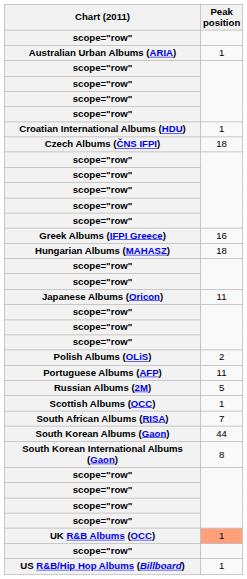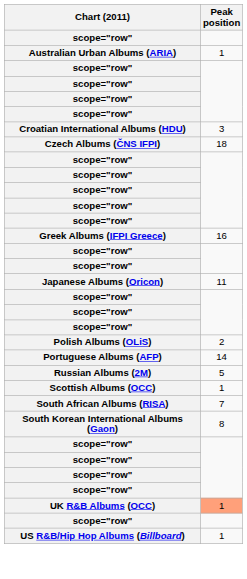 <table class="wikitable plainrowheaders sortable" style="text-align:center;">
 <tr>
 <th scope="col" style="width:20em;">Chart (2011)</th>
 <th scope="col">Peak<br>position</th>
 </tr>
 <tr>
 <th>scope="row" </th>
 </tr>
 <tr>
 <th scope="row">Australian Urban Albums (<a href='#'>ARIA</a>)</th>
 <td>1</td>
 </tr>
 <tr>
 <th>scope="row" </th>
 </tr>
 <tr>
 <th>scope="row" </th>
 </tr>
 <tr>
 <th>scope="row" </th>
 </tr>
 <tr>
 <th>scope="row" </th>
 </tr>
 <tr>
 <th scope="row">Croatian International Albums (<a href='#'>HDU</a>)</th>
-<td>1</td>
+<td>3</td>
 </tr>
 <tr>
 <th scope="row">Czech Albums (<a href='#'>ČNS IFPI</a>)</th>
 <td>18</td>
 </tr>
 <tr>
 <th>scope="row" </th>
 </tr>
 <tr>
 <th>scope="row" </th>
 </tr>
 <tr>
 <th>scope="row" </th>
 </tr>
 <tr>
 <th>scope="row" </th>
 </tr>
 <tr>
 <th>scope="row" </th>
 </tr>
 <tr>
 <th scope="row">Greek Albums (<a href='#'>IFPI Greece</a>)</th>
 <td>16</td>
-</tr>
-<tr>
-<th scope="row">Hungarian Albums (<a href='#'>MAHASZ</a>)</th>
-<td>18</td>
 </tr>
 <tr>
 <th>scope="row" </th>
 </tr>
 <tr>
 <th>scope="row" </th>
 </tr>
 <tr>
 <th scope="row">Japanese Albums (<a href='#'>Oricon</a>)</th>
 <td>11</td>
 </tr>
 <tr>
 <th>scope="row" </th>
 </tr>
 <tr>
 <th>scope="row" </th>
 </tr>
 <tr>
 <th>scope="row" </th>
 </tr>
 <tr>
 <th scope="row">Polish Albums (<a href='#'>OLiS</a>)</th>
 <td>2</td>
 </tr>
 <tr>
 <th scope="row">Portuguese Albums (<a href='#'>AFP</a>)</th>
-<td>11</td>
+<td>14</td>
 </tr>
 <tr>
 <th scope="row">Russian Albums (<a href='#'>2M</a>)</th>
 <td>5</td>
 </tr>
 <tr>
 <th scope="row">Scottish Albums (<a href='#'>OCC</a>)</th>
 <td>1</td>
 </tr>
 <tr>
 <th scope="row">South African Albums (<a href='#'>RISA</a>)</th>
 <td>7</td>
-</tr>
-<tr>
-<th scope="row">South Korean Albums (<a href='#'>Gaon</a>)</th>
-<td>44</td>
 </tr>
 <tr>
 <th scope="row">South Korean International Albums (<a href='#'>Gaon</a>)</th>
 <td>8</td>
 </tr>
 <tr>
 <th>scope="row" </th>
 </tr>
 <tr>
 <th>scope="row" </th>
 </tr>
 <tr>
 <th>scope="row" </th>
 </tr>
 <tr>
 <th>scope="row" </th>
 </tr>
 <tr>
 <th scope="row">UK <a href='#'>R&B Albums</a> (<a href='#'>OCC</a>)</th>
 <td style="background: lightsalmon;">1</td>
 </tr>
 <tr>
 <th>scope="row"</th>
 </tr>
 <tr>
 <th scope="row">US <a href='#'>R&B/Hip Hop Albums</a> (<em><a href='#'>Billboard</a></em>)</th>
 <td>1</td>
 </tr>
 </table>
